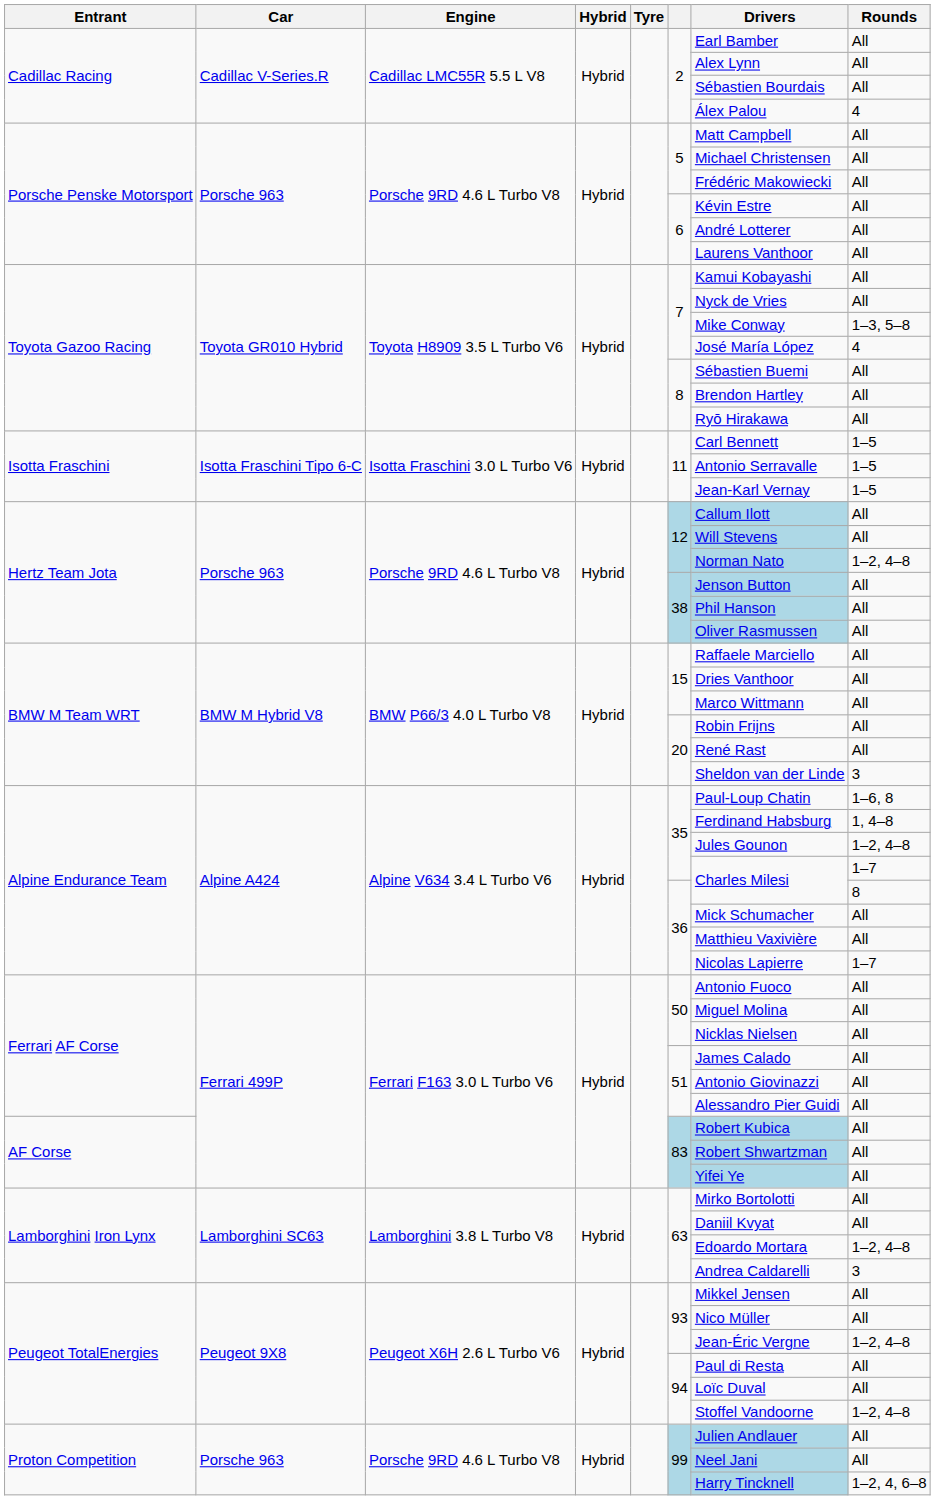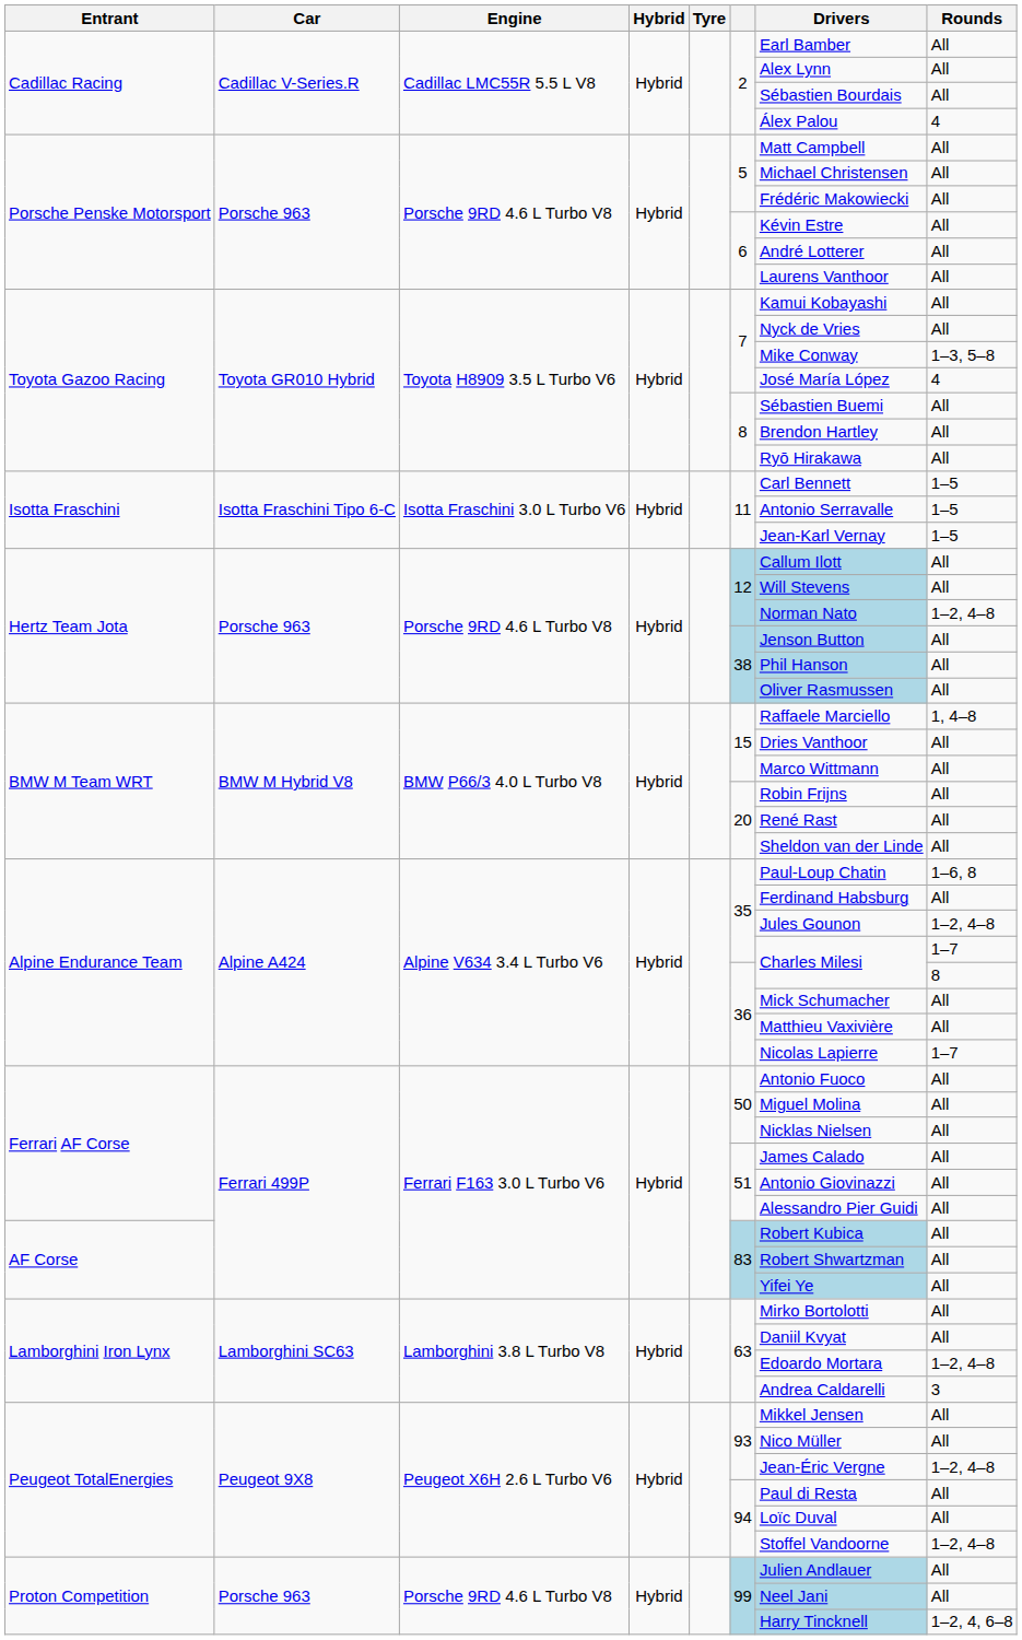 <table class="wikitable" style="font-size:90%;">
 <tr>
 <th>Entrant</th>
 <th>Car</th>
 <th>Engine</th>
 <th>Hybrid</th>
 <th>Tyre</th>
 <th></th>
 <th>Drivers</th>
 <th>Rounds</th>
 </tr>
 <tr>
 <td rowspan="4"> <a href='#'>Cadillac Racing</a></td>
 <td rowspan="4"><a href='#'>Cadillac V-Series.R</a></td>
 <td rowspan="4"><a href='#'>Cadillac LMC55R</a> 5.5 L V8</td>
 <td rowspan="4" align="center">Hybrid</td>
 <td rowspan="4" align="center"></td>
 <td rowspan="4" align="center">2</td>
 <td> <a href='#'>Earl Bamber</a></td>
 <td>All</td>
 </tr>
 <tr>
 <td> <a href='#'>Alex Lynn</a></td>
 <td>All</td>
 </tr>
 <tr>
 <td> <a href='#'>Sébastien Bourdais</a></td>
 <td>All</td>
 </tr>
 <tr>
 <td> <a href='#'>Álex Palou</a></td>
 <td>4</td>
 </tr>
 <tr>
 <td rowspan="6"> <a href='#'>Porsche Penske Motorsport</a></td>
 <td rowspan="6"><a href='#'>Porsche 963</a></td>
 <td rowspan="6"><a href='#'>Porsche</a> <a href='#'>9RD</a> 4.6 L Turbo V8</td>
 <td rowspan="6" align="center">Hybrid</td>
 <td rowspan="6" align="center"></td>
 <td rowspan="3" align="center">5</td>
 <td> <a href='#'>Matt Campbell</a></td>
 <td>All</td>
 </tr>
 <tr>
 <td> <a href='#'>Michael Christensen</a></td>
 <td>All</td>
 </tr>
 <tr>
 <td> <a href='#'>Frédéric Makowiecki</a></td>
 <td>All</td>
 </tr>
 <tr>
 <td rowspan="3" align="center">6</td>
 <td> <a href='#'>Kévin Estre</a></td>
 <td>All</td>
 </tr>
 <tr>
 <td> <a href='#'>André Lotterer</a></td>
 <td>All</td>
 </tr>
 <tr>
 <td> <a href='#'>Laurens Vanthoor</a></td>
 <td>All</td>
 </tr>
 <tr>
 <td rowspan="7"> <a href='#'>Toyota Gazoo Racing</a></td>
 <td rowspan="7"><a href='#'>Toyota GR010 Hybrid</a></td>
 <td rowspan="7"><a href='#'>Toyota</a> <a href='#'>H8909</a> 3.5 L Turbo V6</td>
 <td rowspan="7" align="center">Hybrid</td>
 <td rowspan="7" align="center"></td>
 <td rowspan="4" align="center">7</td>
 <td> <a href='#'>Kamui Kobayashi</a></td>
 <td>All</td>
 </tr>
 <tr>
 <td> <a href='#'>Nyck de Vries</a></td>
 <td>All</td>
 </tr>
 <tr>
 <td> <a href='#'>Mike Conway</a></td>
 <td>1–3, 5–8</td>
 </tr>
 <tr>
 <td> <a href='#'>José María López</a></td>
 <td>4</td>
 </tr>
 <tr>
 <td rowspan="3" align="center">8</td>
 <td> <a href='#'>Sébastien Buemi</a></td>
 <td>All</td>
 </tr>
 <tr>
 <td> <a href='#'>Brendon Hartley</a></td>
 <td>All</td>
 </tr>
 <tr>
 <td> <a href='#'>Ryō Hirakawa</a></td>
 <td>All</td>
 </tr>
 <tr>
 <td rowspan="3"> <a href='#'>Isotta Fraschini</a></td>
 <td rowspan="3"><a href='#'>Isotta Fraschini Tipo 6-C</a></td>
 <td rowspan="3"><a href='#'>Isotta Fraschini</a> 3.0 L Turbo V6</td>
 <td rowspan="3" align="center">Hybrid</td>
 <td rowspan="3" align="center"></td>
 <td rowspan="3" align="center">11</td>
 <td> <a href='#'>Carl Bennett</a></td>
 <td>1–5</td>
 </tr>
 <tr>
 <td> <a href='#'>Antonio Serravalle</a></td>
 <td>1–5</td>
 </tr>
 <tr>
 <td> <a href='#'>Jean-Karl Vernay</a></td>
 <td>1–5</td>
 </tr>
 <tr>
 <td rowspan="6"> <a href='#'>Hertz Team Jota</a></td>
 <td rowspan="6"><a href='#'>Porsche 963</a></td>
 <td rowspan="6"><a href='#'>Porsche</a> <a href='#'>9RD</a> 4.6 L Turbo V8</td>
 <td rowspan="6" align="center">Hybrid</td>
 <td rowspan="6" align="center"></td>
 <td style="background-color: lightblue;" rowspan="3" align="center">12</td>
 <td style="background-color: lightblue;"> <a href='#'>Callum Ilott</a></td>
 <td>All</td>
 </tr>
 <tr>
 <td style="background-color: lightblue;"> <a href='#'>Will Stevens</a></td>
 <td>All</td>
 </tr>
 <tr>
 <td style="background-color: lightblue;"> <a href='#'>Norman Nato</a></td>
 <td>1–2, 4–8</td>
 </tr>
 <tr>
 <td style="background-color: lightblue;" rowspan="3" align="center">38</td>
 <td style="background-color: lightblue;"> <a href='#'>Jenson Button</a></td>
 <td>All</td>
 </tr>
 <tr>
 <td style="background-color: lightblue;"> <a href='#'>Phil Hanson</a></td>
 <td>All</td>
 </tr>
 <tr>
 <td style="background-color: lightblue;"> <a href='#'>Oliver Rasmussen</a></td>
 <td>All</td>
 </tr>
 <tr>
 <td rowspan="6"> <a href='#'>BMW M Team WRT</a></td>
 <td rowspan="6"><a href='#'>BMW M Hybrid V8</a></td>
 <td rowspan="6"><a href='#'>BMW</a> <a href='#'>P66/3</a> 4.0 L Turbo V8</td>
 <td rowspan="6" align="center">Hybrid</td>
 <td rowspan="6" align="center"></td>
 <td rowspan="3" align="center">15</td>
 <td> <a href='#'>Raffaele Marciello</a></td>
-<td>All</td>
+<td>1, 4–8</td>
 </tr>
 <tr>
 <td> <a href='#'>Dries Vanthoor</a></td>
 <td>All</td>
 </tr>
 <tr>
 <td> <a href='#'>Marco Wittmann</a></td>
 <td>All</td>
 </tr>
 <tr>
 <td rowspan="3" align="center">20</td>
 <td> <a href='#'>Robin Frijns</a></td>
 <td>All</td>
 </tr>
 <tr>
 <td> <a href='#'>René Rast</a></td>
 <td>All</td>
 </tr>
 <tr>
 <td nowrap> <a href='#'>Sheldon van der Linde</a></td>
-<td>3</td>
+<td>All</td>
 </tr>
 <tr>
 <td rowspan="8"> <a href='#'>Alpine Endurance Team</a></td>
 <td rowspan="8"><a href='#'>Alpine A424</a></td>
 <td rowspan="8"><a href='#'>Alpine</a> <a href='#'>V634</a> 3.4 L Turbo V6</td>
 <td rowspan="8" align="center">Hybrid</td>
 <td rowspan="8" align="center"></td>
 <td rowspan="4" align="center">35</td>
 <td> <a href='#'>Paul-Loup Chatin</a></td>
 <td>1–6, 8</td>
 </tr>
 <tr>
 <td> <a href='#'>Ferdinand Habsburg</a></td>
-<td>1, 4–8</td>
+<td>All</td>
 </tr>
 <tr>
 <td> <a href='#'>Jules Gounon</a></td>
 <td>1–2, 4–8</td>
 </tr>
 <tr>
 <td rowspan="2"> <a href='#'>Charles Milesi</a></td>
 <td>1–7</td>
 </tr>
 <tr>
 <td rowspan="4" align="center">36</td>
 <td>8</td>
 </tr>
 <tr>
 <td> <a href='#'>Mick Schumacher</a></td>
 <td>All</td>
 </tr>
 <tr>
 <td> <a href='#'>Matthieu Vaxivière</a></td>
 <td>All</td>
 </tr>
 <tr>
 <td> <a href='#'>Nicolas Lapierre</a></td>
 <td>1–7</td>
 </tr>
 <tr>
 <td rowspan="6"> <a href='#'>Ferrari</a> <a href='#'>AF Corse</a></td>
 <td rowspan="9"><a href='#'>Ferrari 499P</a></td>
 <td rowspan="9"><a href='#'>Ferrari</a> <a href='#'>F163</a> 3.0 L Turbo V6</td>
 <td rowspan="9" align="center">Hybrid</td>
 <td rowspan="9" align="center"></td>
 <td rowspan="3" align="center">50</td>
 <td> <a href='#'>Antonio Fuoco</a></td>
 <td>All</td>
 </tr>
 <tr>
 <td> <a href='#'>Miguel Molina</a></td>
 <td>All</td>
 </tr>
 <tr>
 <td> <a href='#'>Nicklas Nielsen</a></td>
 <td>All</td>
 </tr>
 <tr>
 <td rowspan="3" align="center">51</td>
 <td> <a href='#'>James Calado</a></td>
 <td>All</td>
 </tr>
 <tr>
 <td> <a href='#'>Antonio Giovinazzi</a></td>
 <td>All</td>
 </tr>
 <tr>
 <td nowrap> <a href='#'>Alessandro Pier Guidi</a></td>
 <td>All</td>
 </tr>
 <tr>
 <td rowspan="3"> <a href='#'>AF Corse</a></td>
 <td style="background-color: lightblue;" rowspan="3" align="center">83</td>
 <td style="background-color: lightblue;"> <a href='#'>Robert Kubica</a></td>
 <td>All</td>
 </tr>
 <tr>
 <td style="background-color: lightblue;"> <a href='#'>Robert Shwartzman</a></td>
 <td>All</td>
 </tr>
 <tr>
 <td style="background-color: lightblue;"> <a href='#'>Yifei Ye</a></td>
 <td>All</td>
 </tr>
 <tr>
 <td rowspan="4"> <a href='#'>Lamborghini</a> <a href='#'>Iron Lynx</a></td>
 <td rowspan="4"><a href='#'>Lamborghini SC63</a></td>
 <td rowspan="4"><a href='#'>Lamborghini</a> 3.8 L Turbo V8</td>
 <td rowspan="4" align="center">Hybrid</td>
 <td rowspan="4" align="center"></td>
 <td rowspan="4" align="center">63</td>
 <td> <a href='#'>Mirko Bortolotti</a></td>
 <td>All</td>
 </tr>
 <tr>
 <td> <a href='#'>Daniil Kvyat</a></td>
 <td>All</td>
 </tr>
 <tr>
 <td> <a href='#'>Edoardo Mortara</a></td>
 <td>1–2, 4–8</td>
 </tr>
 <tr>
 <td> <a href='#'>Andrea Caldarelli</a></td>
 <td>3</td>
 </tr>
 <tr>
 <td rowspan="6"> <a href='#'>Peugeot TotalEnergies</a></td>
 <td rowspan="6"><a href='#'>Peugeot 9X8</a></td>
 <td rowspan="6"><a href='#'>Peugeot X6H</a> 2.6 L Turbo V6</td>
 <td rowspan="6" align="center">Hybrid</td>
 <td rowspan="6" align="center"></td>
 <td rowspan="3" align="center">93</td>
 <td> <a href='#'>Mikkel Jensen</a></td>
 <td>All</td>
 </tr>
 <tr>
 <td> <a href='#'>Nico Müller</a></td>
 <td>All</td>
 </tr>
 <tr>
 <td> <a href='#'>Jean-Éric Vergne</a></td>
 <td>1–2, 4–8</td>
 </tr>
 <tr>
 <td rowspan="3" align="center">94</td>
 <td> <a href='#'>Paul di Resta</a></td>
 <td>All</td>
 </tr>
 <tr>
 <td> <a href='#'>Loïc Duval</a></td>
 <td>All</td>
 </tr>
 <tr>
 <td> <a href='#'>Stoffel Vandoorne</a></td>
 <td>1–2, 4–8</td>
 </tr>
 <tr>
 <td rowspan="3"> <a href='#'>Proton Competition</a></td>
 <td rowspan="3"><a href='#'>Porsche 963</a></td>
 <td rowspan="3"><a href='#'>Porsche</a> <a href='#'>9RD</a> 4.6 L Turbo V8</td>
 <td rowspan="3" align="center">Hybrid</td>
 <td rowspan="3" align="center"></td>
 <td style="background-color: lightblue;" rowspan="3" align="center">99</td>
 <td style="background-color: lightblue;"> <a href='#'>Julien Andlauer</a></td>
 <td>All</td>
 </tr>
 <tr>
 <td style="background-color: lightblue;"> <a href='#'>Neel Jani</a></td>
 <td>All</td>
 </tr>
 <tr>
 <td style="background-color: lightblue;"> <a href='#'>Harry Tincknell</a></td>
 <td nowrap>1–2, 4, 6–8</td>
 </tr>
 </table>
